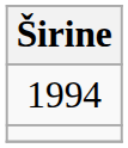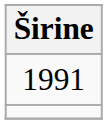 <table class="wikitable" style="margin: 0.5em auto; text-align: center;">
 <tr>
 <th colspan="1">Širine</th>
 </tr>
 <tr>
-<td>1994</td>
+<td>1991</td>
 </tr>
 <tr>
 <td></td>
 </tr>
 <tr>
 </tr>
 </table>
